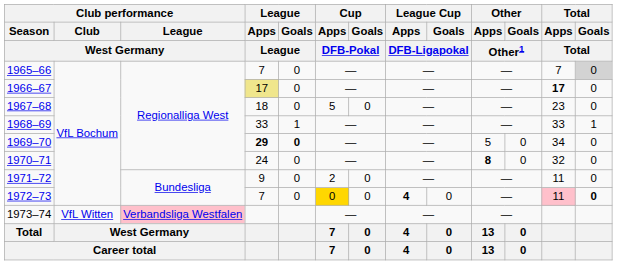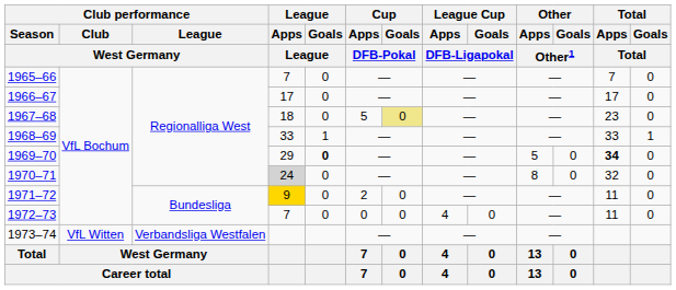 <table class="wikitable" style="text-align:center">
 <tr>
 <th colspan=3>Club performance</th>
 <th colspan=2>League</th>
 <th colspan=2>Cup</th>
 <th colspan=2>League Cup</th>
 <th colspan=2>Other</th>
 <th colspan=2>Total</th>
 </tr>
 <tr>
 <th>Season</th>
 <th>Club</th>
 <th>League</th>
 <th>Apps</th>
 <th>Goals</th>
 <th>Apps</th>
 <th>Goals</th>
 <th>Apps</th>
 <th>Goals</th>
 <th>Apps</th>
 <th>Goals</th>
 <th>Apps</th>
 <th>Goals</th>
 </tr>
 <tr>
 <th colspan=3>West Germany</th>
 <th colspan=2>League</th>
 <th colspan=2><a href='#'>DFB-Pokal</a></th>
 <th colspan=2><a href='#'>DFB-Ligapokal</a></th>
 <th colspan=2>Other<sup><a href='#'>1</a></sup></th>
 <th colspan=2>Total</th>
 </tr>
 <tr>
 <td><a href='#'>1965–66</a></td>
 <td rowspan="8"><a href='#'>VfL Bochum</a></td>
 <td rowspan="6"><a href='#'>Regionalliga West</a></td>
 <td>7</td>
 <td>0</td>
 <td colspan="2">—</td>
 <td colspan="2">—</td>
 <td colspan="2">—</td>
 <td>7</td>
-<td style="background: lightgrey;">0</td>
+<td>0</td>
 </tr>
 <tr>
 <td><a href='#'>1966–67</a></td>
-<td style="background: khaki;">17</td>
+<td>17</td>
 <td>0</td>
 <td colspan="2">—</td>
 <td colspan="2">—</td>
 <td colspan="2">—</td>
-<td><strong>17</strong></td>
+<td>17</td>
 <td>0</td>
 </tr>
 <tr>
 <td><a href='#'>1967–68</a></td>
 <td>18</td>
 <td>0</td>
 <td>5</td>
-<td>0</td>
+<td style="background: khaki;">0</td>
 <td colspan="2">—</td>
 <td colspan="2">—</td>
 <td>23</td>
 <td>0</td>
 </tr>
 <tr>
 <td><a href='#'>1968–69</a></td>
 <td>33</td>
 <td>1</td>
 <td colspan="2">—</td>
 <td colspan="2">—</td>
 <td colspan="2">—</td>
 <td>33</td>
 <td>1</td>
 </tr>
 <tr>
 <td><a href='#'>1969–70</a></td>
-<td><strong>29</strong></td>
+<td>29</td>
 <td><strong>0</strong></td>
 <td colspan="2">—</td>
 <td colspan="2">—</td>
 <td>5</td>
 <td>0</td>
-<td>34</td>
+<td><strong>34</strong></td>
 <td>0</td>
 </tr>
 <tr>
 <td><a href='#'>1970–71</a></td>
-<td>24</td>
+<td style="background: lightgrey;">24</td>
 <td>0</td>
 <td colspan="2">—</td>
 <td colspan="2">—</td>
-<td><strong>8</strong></td>
+<td>8</td>
 <td>0</td>
 <td>32</td>
 <td>0</td>
 </tr>
 <tr>
 <td><a href='#'>1971–72</a></td>
 <td rowspan="2"><a href='#'>Bundesliga</a></td>
-<td>9</td>
+<td style="background: gold;">9</td>
 <td>0</td>
 <td>2</td>
 <td>0</td>
 <td colspan="2">—</td>
 <td colspan="2">—</td>
 <td>11</td>
 <td>0</td>
 </tr>
 <tr>
 <td><a href='#'>1972–73</a></td>
 <td>7</td>
 <td>0</td>
-<td style="background: gold;">0</td>
 <td>0</td>
-<td><strong>4</strong></td>
+<td>0</td>
+<td>4</td>
 <td>0</td>
 <td colspan="2">—</td>
-<td style="background: pink;">11</td>
-<td><strong>0</strong></td>
+<td>11</td>
+<td>0</td>
 </tr>
 <tr>
 <td>1973–74</td>
 <td><a href='#'>VfL Witten</a></td>
-<td style="background: pink;"><a href='#'>Verbandsliga Westfalen</a></td>
+<td><a href='#'>Verbandsliga Westfalen</a></td>
 <td></td>
 <td></td>
 <td colspan="2">—</td>
 <td colspan="2">—</td>
 <td colspan="2">—</td>
 <td></td>
 <td></td>
 </tr>
 <tr>
 <th rowspan=1>Total</th>
 <th colspan=2>West Germany</th>
 <th></th>
 <th></th>
 <th>7</th>
 <th>0</th>
 <th>4</th>
 <th>0</th>
 <th>13</th>
 <th>0</th>
 <th></th>
 <th></th>
 </tr>
 <tr>
 <th colspan=3>Career total</th>
 <th></th>
 <th></th>
 <th>7</th>
 <th>0</th>
 <th>4</th>
 <th>0</th>
 <th>13</th>
 <th>0</th>
 <th></th>
 <th></th>
 </tr>
 </table>
